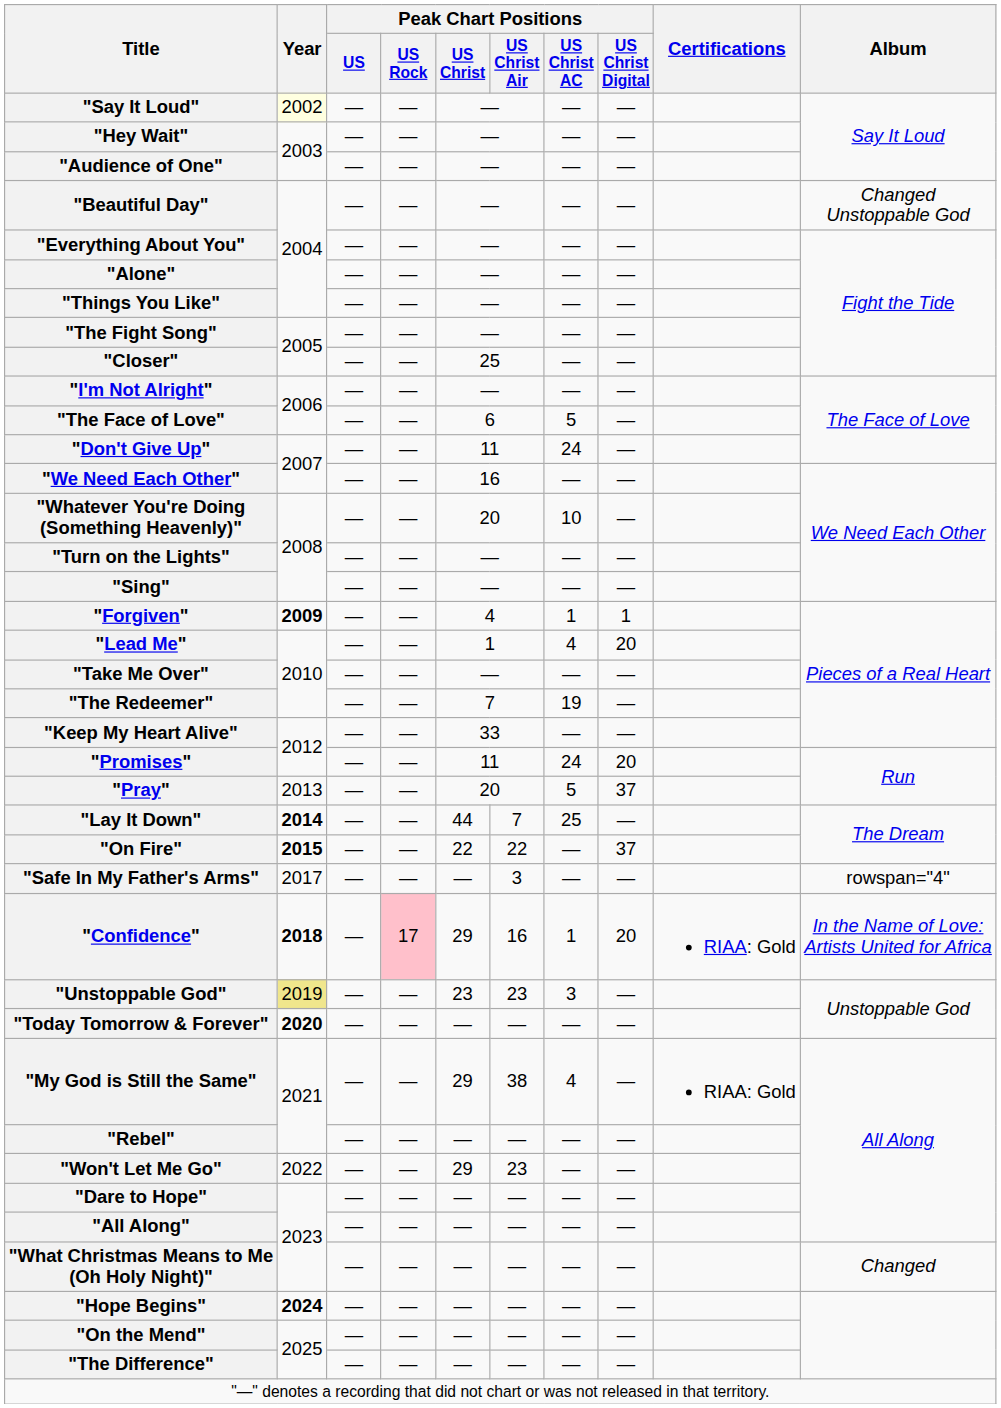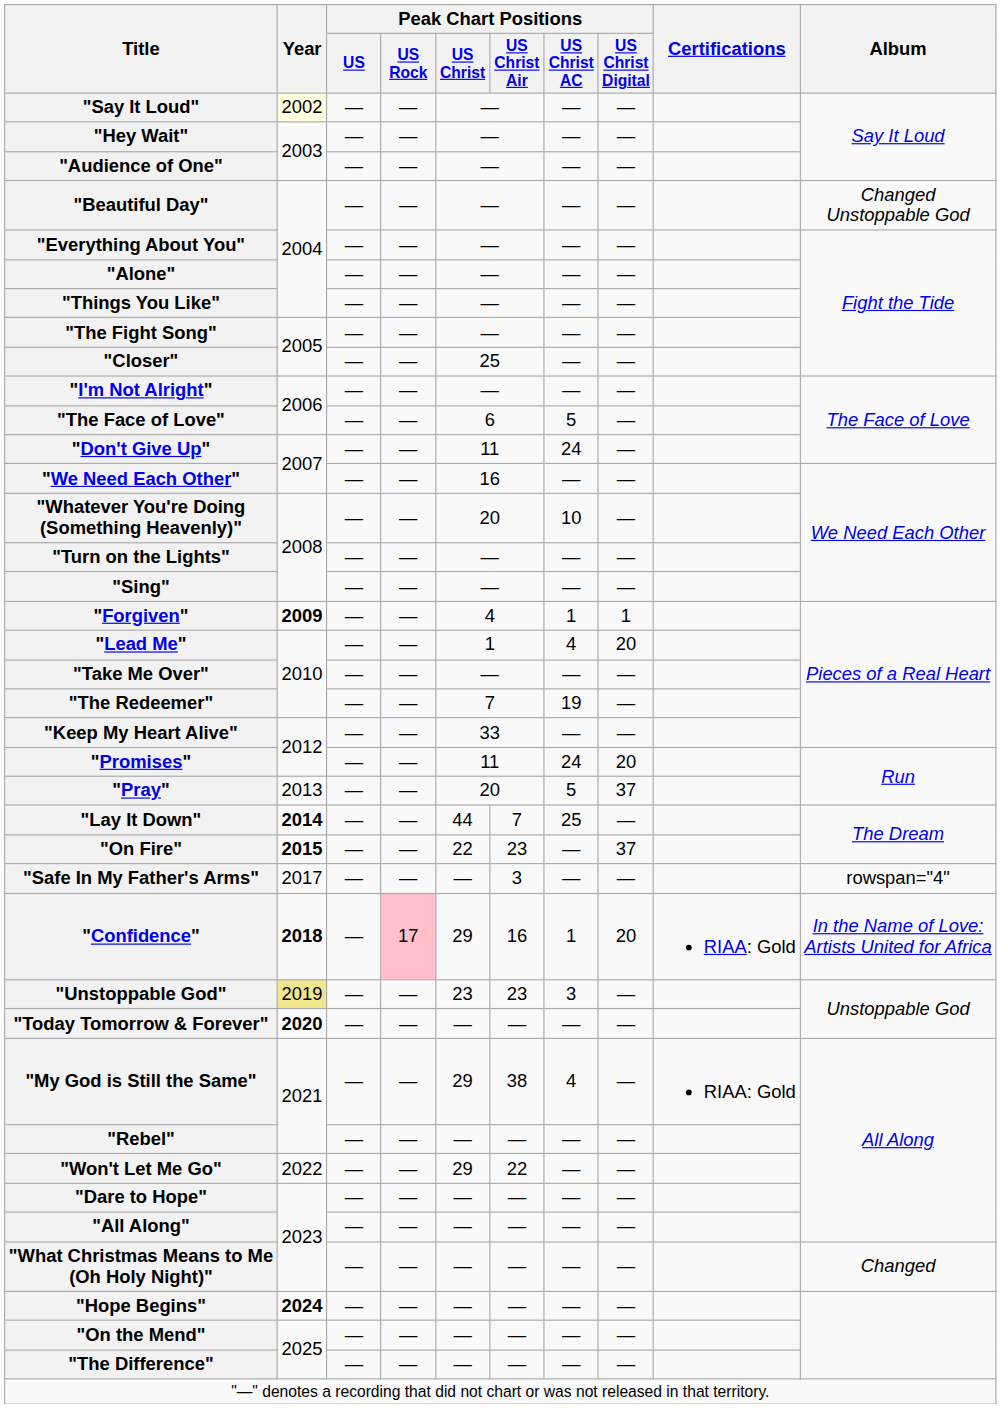 <table class="wikitable plainrowheaders" style="text-align:center;">
 <tr>
 <th rowspan="2">Title</th>
 <th rowspan="2">Year</th>
 <th colspan="6">Peak Chart Positions</th>
 <th rowspan="2"><a href='#'>Certifications</a></th>
 <th rowspan="2">Album</th>
 </tr>
 <tr>
 <th scope="col" style="width:3em;font-size:85%;"><a href='#'>US</a><br></th>
 <th scope="col" style="width:3em;font-size:85%;"><a href='#'>US<br>Rock</a><br></th>
 <th scope="col" style="width:3em;font-size:85%;"><a href='#'>US<br>Christ</a><br></th>
 <th scope="col" style="width:3em;font-size:85%;"><a href='#'>US<br>Christ<br>Air</a><br></th>
 <th scope="col" style="width:3em;font-size:85%;"><a href='#'>US<br>Christ<br>AC</a><br></th>
 <th scope="col" style="width:3em;font-size:85%;"><a href='#'>US<br>Christ<br>Digital</a><br></th>
 </tr>
 <tr>
 <th scope="row">"Say It Loud"</th>
 <td style="background: lightyellow;">2002</td>
 <td>—</td>
 <td>—</td>
 <td colspan="2">—</td>
 <td>—</td>
 <td>—</td>
 <td></td>
 <td rowspan="3"><em><a href='#'>Say It Loud</a></em></td>
 </tr>
 <tr>
 <th scope="row">"Hey Wait"</th>
 <td rowspan="2">2003</td>
 <td>—</td>
 <td>—</td>
 <td colspan="2">—</td>
 <td>—</td>
 <td>—</td>
 <td></td>
 </tr>
 <tr>
 <th scope="row">"Audience of One"</th>
 <td>—</td>
 <td>—</td>
 <td colspan="2">—</td>
 <td>—</td>
 <td>—</td>
 <td></td>
 </tr>
 <tr>
 <th scope="row">"Beautiful Day"</th>
 <td rowspan="4">2004</td>
 <td>—</td>
 <td>—</td>
 <td colspan="2">—</td>
 <td>—</td>
 <td>—</td>
 <td></td>
 <td><em>Changed</em><br><em>Unstoppable God</em></td>
 </tr>
 <tr>
 <th scope="row">"Everything About You"</th>
 <td>—</td>
 <td>—</td>
 <td colspan="2">—</td>
 <td>—</td>
 <td>—</td>
 <td></td>
 <td rowspan="5"><em><a href='#'>Fight the Tide</a></em></td>
 </tr>
 <tr>
 <th scope="row">"Alone"</th>
 <td>—</td>
 <td>—</td>
 <td colspan="2">—</td>
 <td>—</td>
 <td>—</td>
 <td></td>
 </tr>
 <tr>
 <th scope="row">"Things You Like"</th>
 <td>—</td>
 <td>—</td>
 <td colspan="2">—</td>
 <td>—</td>
 <td>—</td>
 <td></td>
 </tr>
 <tr>
 <th scope="row">"The Fight Song"</th>
 <td rowspan="2">2005</td>
 <td>—</td>
 <td>—</td>
 <td colspan="2">—</td>
 <td>—</td>
 <td>—</td>
 <td></td>
 </tr>
 <tr>
 <th scope="row">"Closer"</th>
 <td>—</td>
 <td>—</td>
 <td colspan="2">25</td>
 <td>—</td>
 <td>—</td>
 <td></td>
 </tr>
 <tr>
 <th scope="row">"<a href='#'>I'm Not Alright</a>"</th>
 <td rowspan="2">2006</td>
 <td>—</td>
 <td>—</td>
 <td colspan="2">—</td>
 <td>—</td>
 <td>—</td>
 <td></td>
 <td rowspan="3"><em><a href='#'>The Face of Love</a></em></td>
 </tr>
 <tr>
 <th scope="row">"The Face of Love"</th>
 <td>—</td>
 <td>—</td>
 <td colspan="2">6</td>
 <td>5</td>
 <td>—</td>
 <td></td>
 </tr>
 <tr>
 <th scope="row">"<a href='#'>Don't Give Up</a>"</th>
 <td rowspan="2">2007</td>
 <td>—</td>
 <td>—</td>
 <td colspan="2">11</td>
 <td>24</td>
 <td>—</td>
 <td></td>
 </tr>
 <tr>
 <th scope="row">"<a href='#'>We Need Each Other</a>"</th>
 <td>—</td>
 <td>—</td>
 <td colspan="2">16</td>
 <td>—</td>
 <td>—</td>
 <td></td>
 <td rowspan="4"><em><a href='#'>We Need Each Other</a></em></td>
 </tr>
 <tr>
 <th scope="row">"Whatever You're Doing<br>(Something Heavenly)"</th>
 <td rowspan="3">2008</td>
 <td>—</td>
 <td>—</td>
 <td colspan="2">20</td>
 <td>10</td>
 <td>—</td>
 <td></td>
 </tr>
 <tr>
 <th scope="row">"Turn on the Lights"</th>
 <td>—</td>
 <td>—</td>
 <td colspan="2">—</td>
 <td>—</td>
 <td>—</td>
 <td></td>
 </tr>
 <tr>
 <th scope="row">"Sing"</th>
 <td>—</td>
 <td>—</td>
 <td colspan="2">—</td>
 <td>—</td>
 <td>—</td>
 <td></td>
 </tr>
 <tr>
 <th scope="row">"<a href='#'>Forgiven</a>"</th>
 <td><strong>2009</strong></td>
 <td>—</td>
 <td>—</td>
 <td colspan="2">4</td>
 <td>1</td>
 <td>1</td>
 <td></td>
 <td rowspan="5"><em><a href='#'>Pieces of a Real Heart</a></em></td>
 </tr>
 <tr>
 <th scope="row">"<a href='#'>Lead Me</a>"</th>
 <td rowspan="3">2010</td>
 <td>—</td>
 <td>—</td>
 <td colspan="2">1</td>
 <td>4</td>
 <td>20</td>
 <td></td>
 </tr>
 <tr>
 <th scope="row">"Take Me Over"</th>
 <td>—</td>
 <td>—</td>
 <td colspan="2">—</td>
 <td>—</td>
 <td>—</td>
 <td></td>
 </tr>
 <tr>
 <th scope="row">"The Redeemer"</th>
 <td>—</td>
 <td>—</td>
 <td colspan="2">7</td>
 <td>19</td>
 <td>—</td>
 <td></td>
 </tr>
 <tr>
 <th scope="row">"Keep My Heart Alive"</th>
 <td rowspan="2">2012</td>
 <td>—</td>
 <td>—</td>
 <td colspan="2">33</td>
 <td>—</td>
 <td>—</td>
 <td></td>
 </tr>
 <tr>
 <th scope="row">"<a href='#'>Promises</a>"</th>
 <td>—</td>
 <td>—</td>
 <td colspan="2">11</td>
 <td>24</td>
 <td>20</td>
 <td></td>
 <td rowspan="2"><a href='#'><em>Run</em></a></td>
 </tr>
 <tr>
 <th scope="row">"<a href='#'>Pray</a>"</th>
 <td>2013</td>
 <td>—</td>
 <td>—</td>
 <td colspan="2">20</td>
 <td>5</td>
 <td>37</td>
 <td></td>
 </tr>
 <tr>
 <th scope="row">"Lay It Down"</th>
 <td><strong>2014</strong></td>
 <td>—</td>
 <td>—</td>
 <td>44</td>
 <td>7</td>
 <td>25</td>
 <td>—</td>
 <td></td>
 <td rowspan="2"><em><a href='#'>The Dream</a></em></td>
 </tr>
 <tr>
 <th scope="row">"On Fire"</th>
 <td><strong>2015</strong></td>
 <td>—</td>
 <td>—</td>
 <td>22</td>
-<td>22</td>
+<td>23</td>
 <td>—</td>
 <td>37</td>
 <td></td>
 </tr>
 <tr>
 <th scope="row">"Safe In My Father's Arms"</th>
 <td>2017</td>
 <td>—</td>
 <td>—</td>
 <td>—</td>
 <td>3</td>
 <td>—</td>
 <td>—</td>
 <td></td>
 <td>rowspan="4" </td>
 </tr>
 <tr>
 <th scope="row">"<a href='#'>Confidence</a>"</th>
 <td><strong>2018</strong></td>
 <td>—</td>
 <td style="background: pink;">17</td>
 <td>29</td>
 <td>16</td>
 <td>1</td>
 <td>20</td>
 <td><br><ul><li><a href='#'>RIAA</a>: Gold</li></ul></td>
 <td><em><a href='#'>In the Name of Love:<br>Artists United for Africa</a></em></td>
 </tr>
 <tr>
 <th scope="row">"Unstoppable God"</th>
 <td style="background: khaki;">2019</td>
 <td>—</td>
 <td>—</td>
 <td>23</td>
 <td>23</td>
 <td>3</td>
 <td>—</td>
 <td></td>
 <td rowspan="2"><em>Unstoppable God</em></td>
 </tr>
 <tr>
 <th scope="row">"Today Tomorrow & Forever"</th>
 <td><strong>2020</strong></td>
 <td>—</td>
 <td>—</td>
 <td>—</td>
 <td>—</td>
 <td>—</td>
 <td>—</td>
 <td></td>
 </tr>
 <tr>
 <th scope="row">"My God is Still the Same"</th>
 <td rowspan="2">2021</td>
 <td>—</td>
 <td>—</td>
 <td>29</td>
 <td>38</td>
 <td>4</td>
 <td>—</td>
 <td><br><ul><li>RIAA: Gold</li></ul></td>
 <td rowspan="5"><em><a href='#'>All Along</a></em></td>
 </tr>
 <tr>
 <th scope="row">"Rebel"</th>
 <td>—</td>
 <td>—</td>
 <td>—</td>
 <td>—</td>
 <td>—</td>
 <td>—</td>
 <td></td>
 </tr>
 <tr>
 <th scope="row">"Won't Let Me Go"</th>
 <td>2022</td>
 <td>—</td>
 <td>—</td>
 <td>29</td>
-<td>23</td>
+<td>22</td>
 <td>—</td>
 <td>—</td>
 <td></td>
 </tr>
 <tr>
 <th scope="row">"Dare to Hope"</th>
 <td rowspan="3">2023</td>
 <td>—</td>
 <td>—</td>
 <td>—</td>
 <td>—</td>
 <td>—</td>
 <td>—</td>
 <td></td>
 </tr>
 <tr>
 <th scope="row">"All Along"</th>
 <td>—</td>
 <td>—</td>
 <td>—</td>
 <td>—</td>
 <td>—</td>
 <td>—</td>
 <td></td>
 </tr>
 <tr>
 <th scope="row">"What Christmas Means to Me<br>(Oh Holy Night)"</th>
 <td>—</td>
 <td>—</td>
 <td>—</td>
 <td>—</td>
 <td>—</td>
 <td>—</td>
 <td></td>
 <td><em>Changed</em></td>
 </tr>
 <tr>
 <th scope="row">"Hope Begins"</th>
 <td><strong>2024</strong></td>
 <td>—</td>
 <td>—</td>
 <td>—</td>
 <td>—</td>
 <td>—</td>
 <td>—</td>
 <td></td>
 </tr>
 <tr>
 <th scope="row">"On the Mend"</th>
 <td rowspan="2">2025</td>
 <td>—</td>
 <td>—</td>
 <td>—</td>
 <td>—</td>
 <td>—</td>
 <td>—</td>
 <td></td>
 </tr>
 <tr>
 <th scope="row">"The Difference"</th>
 <td>—</td>
 <td>—</td>
 <td>—</td>
 <td>—</td>
 <td>—</td>
 <td>—</td>
 <td></td>
 </tr>
 <tr>
 <td colspan="14" style="font-size:85%">"—" denotes a recording that did not chart or was not released in that territory.</td>
 </tr>
 </table>
